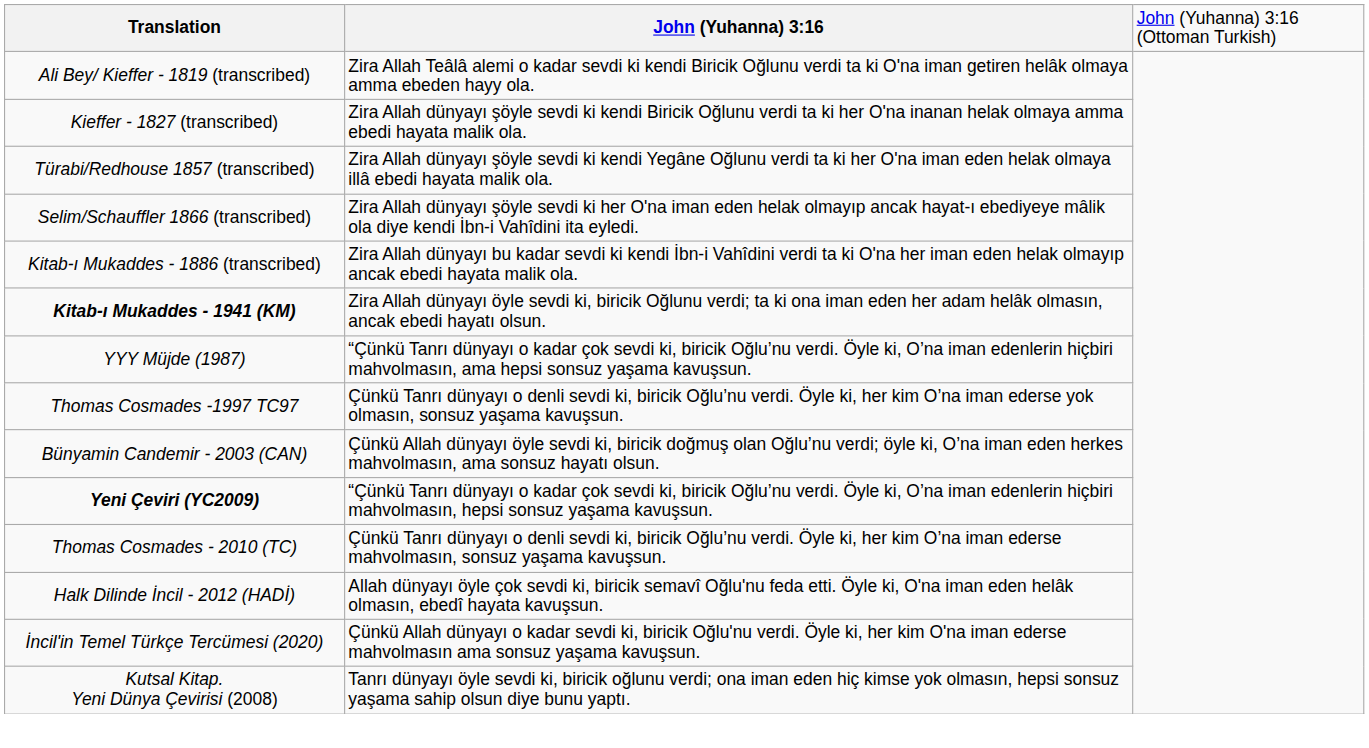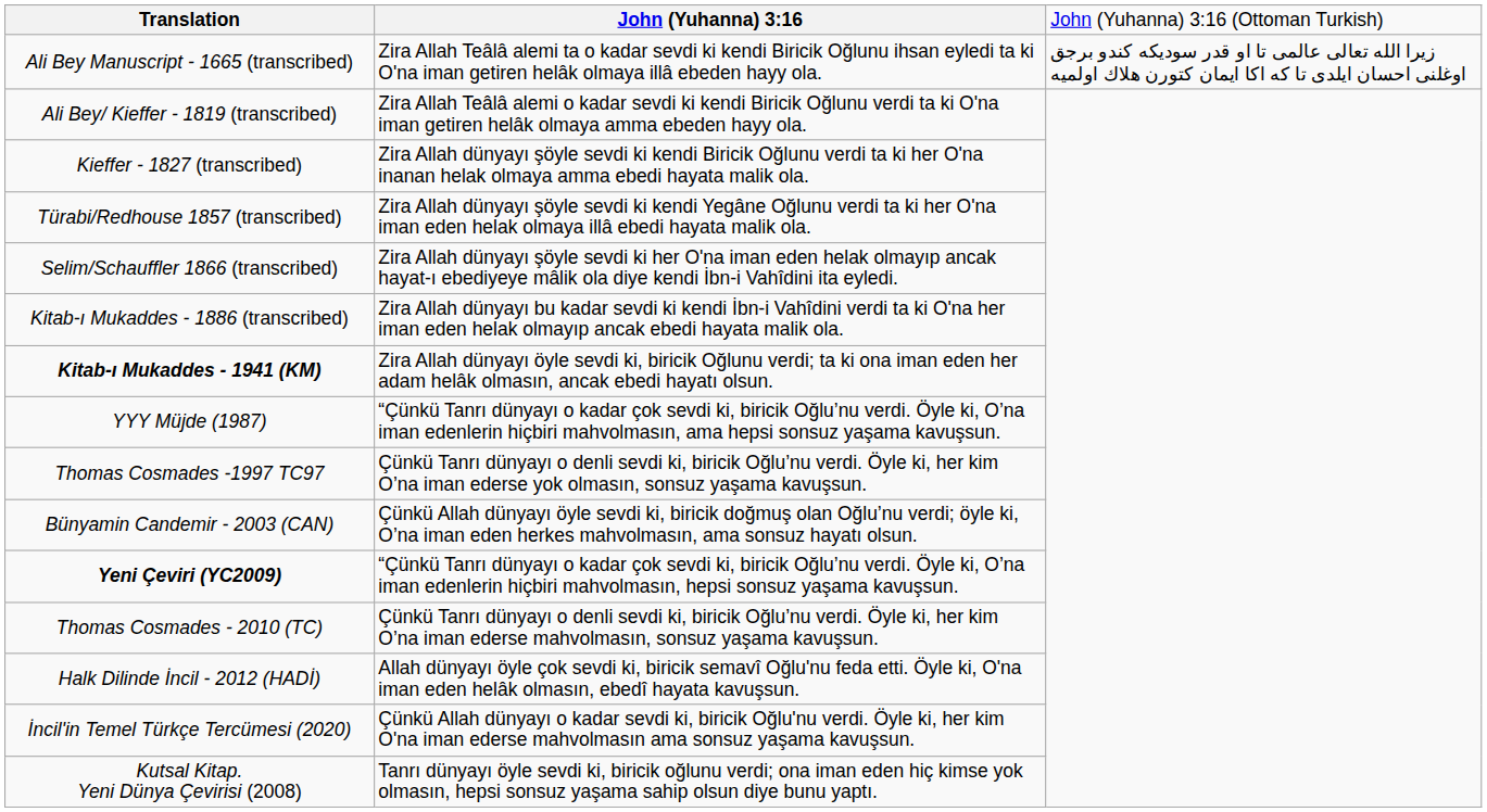 <table class="wikitable">
 <tr>
 <th style="text-align:center; width:25%;">Translation</th>
 <th><a href='#'>John</a> (Yuhanna) 3:16</th>
 <td><a href='#'>John</a> (Yuhanna) 3:16 (Ottoman Turkish)</td>
+</tr>
+<tr>
+<td style="text-align:center;"><em>Ali Bey Manuscript - 1665</em> (transcribed)</td>
+<td>Zira Allah Teâlâ alemi ta o kadar sevdi ki kendi Biricik Oğlunu ihsan eyledi ta ki O'na iman getiren helâk olmaya illâ ebeden hayy ola.</td>
+<td> زیرا الله تعالی عالمی تا او قدر سودیكه كندو برجق اوغلنی احسان ایلدی تا که اكا ایمان کتورن هلاك اولمیه</td>
 </tr>
 <tr>
 <td style="text-align:center;"><em>Ali Bey/ Kieffer - 1819</em> (transcribed)</td>
 <td>Zira Allah Teâlâ alemi o kadar sevdi ki kendi Biricik Oğlunu verdi ta ki O'na iman getiren helâk olmaya amma ebeden hayy ola.</td>
 </tr>
 <tr>
 <td style="text-align:center;"><em>Kieffer - 1827</em> (transcribed)</td>
 <td>Zira Allah dünyayı şöyle sevdi ki kendi Biricik Oğlunu verdi ta ki her O'na inanan helak olmaya amma ebedi hayata malik ola.</td>
 </tr>
 <tr>
 <td style="text-align:center;"><em>Türabi/Redhouse 1857</em> (transcribed)</td>
 <td>Zira Allah dünyayı şöyle sevdi ki kendi Yegâne Oğlunu verdi ta ki her O'na iman eden helak olmaya illâ ebedi hayata malik ola.</td>
 </tr>
 <tr>
 <td style="text-align:center;"><em>Selim/Schauffler 1866</em> (transcribed)</td>
 <td>Zira Allah dünyayı şöyle sevdi ki her O'na iman eden helak olmayıp ancak hayat-ı ebediyeye mâlik ola diye kendi İbn-i Vahîdini ita eyledi.</td>
 </tr>
 <tr>
 <td style="text-align:center;"><em>Kitab-ı Mukaddes - 1886</em> (transcribed)</td>
 <td>Zira Allah dünyayı bu kadar sevdi ki kendi İbn-i Vahîdini verdi ta ki O'na her iman eden helak olmayıp ancak ebedi hayata malik ola.</td>
 </tr>
 <tr>
 <td style="text-align:center;"><strong><em>Kitab-ı Mukaddes - 1941 (KM)</em></strong></td>
 <td>Zira Allah dünyayı öyle sevdi ki, biricik Oğlunu verdi; ta ki ona iman eden her adam helâk olmasın, ancak ebedi hayatı olsun.</td>
 </tr>
 <tr>
 <td style="text-align:center;"><em>YYY Müjde (1987)</em></td>
 <td>“Çünkü Tanrı dünyayı o kadar çok sevdi ki, biricik Oğlu’nu verdi. Öyle ki, O’na iman edenlerin hiçbiri mahvolmasın, ama hepsi sonsuz yaşama kavuşsun.</td>
 </tr>
 <tr>
 <td style="text-align:center;"><em>Thomas Cosmades -1997 TC97</em></td>
 <td>Çünkü Tanrı dünyayı o denli sevdi ki, biricik Oğlu’nu verdi. Öyle ki, her kim O’na iman ederse yok olmasın, sonsuz yaşama kavuşsun.</td>
 </tr>
 <tr>
 <td style="text-align:center;"><em>Bünyamin Candemir - 2003 (CAN)</em></td>
 <td>Çünkü Allah dünyayı öyle sevdi ki, biricik doğmuş olan Oğlu’nu verdi; öyle ki, O’na iman eden herkes mahvolmasın, ama sonsuz hayatı olsun.</td>
 </tr>
 <tr>
 <td style="text-align:center;"><strong><em>Yeni Çeviri (YC2009)</em></strong></td>
 <td>“Çünkü Tanrı dünyayı o kadar çok sevdi ki, biricik Oğlu’nu verdi. Öyle ki, O’na iman edenlerin hiçbiri mahvolmasın, hepsi sonsuz yaşama kavuşsun.</td>
 </tr>
 <tr>
 <td style="text-align:center;"><em>Thomas Cosmades - 2010 (TC)</em></td>
 <td>Çünkü Tanrı dünyayı o denli sevdi ki, biricik Oğlu’nu verdi. Öyle ki, her kim O’na iman ederse mahvolmasın, sonsuz yaşama kavuşsun.</td>
 </tr>
 <tr>
 <td style="text-align:center;"><em>Halk Dilinde İncil - 2012 (HADİ)</em></td>
 <td>Allah dünyayı öyle çok sevdi ki, biricik semavî Oğlu'nu feda etti. Öyle ki, O'na iman eden helâk olmasın, ebedî hayata kavuşsun.</td>
 </tr>
 <tr>
 <td style="text-align:center;"><em>İncil'in Temel Türkçe Tercümesi (2020)</em></td>
 <td>Çünkü Allah dünyayı o kadar sevdi ki, biricik Oğlu'nu verdi. Öyle ki, her kim O'na iman ederse mahvolmasın ama sonsuz yaşama kavuşsun.</td>
 </tr>
 <tr>
 <td style="text-align:center;"><em>Kutsal Kitap.</em><br><em>Yeni Dünya Çevirisi</em> (2008)</td>
 <td>Tanrı dünyayı öyle sevdi ki, biricik oğlunu verdi; ona iman eden hiç kimse yok olmasın, hepsi sonsuz yaşama sahip olsun diye bunu yaptı.</td>
 </tr>
 </table>
